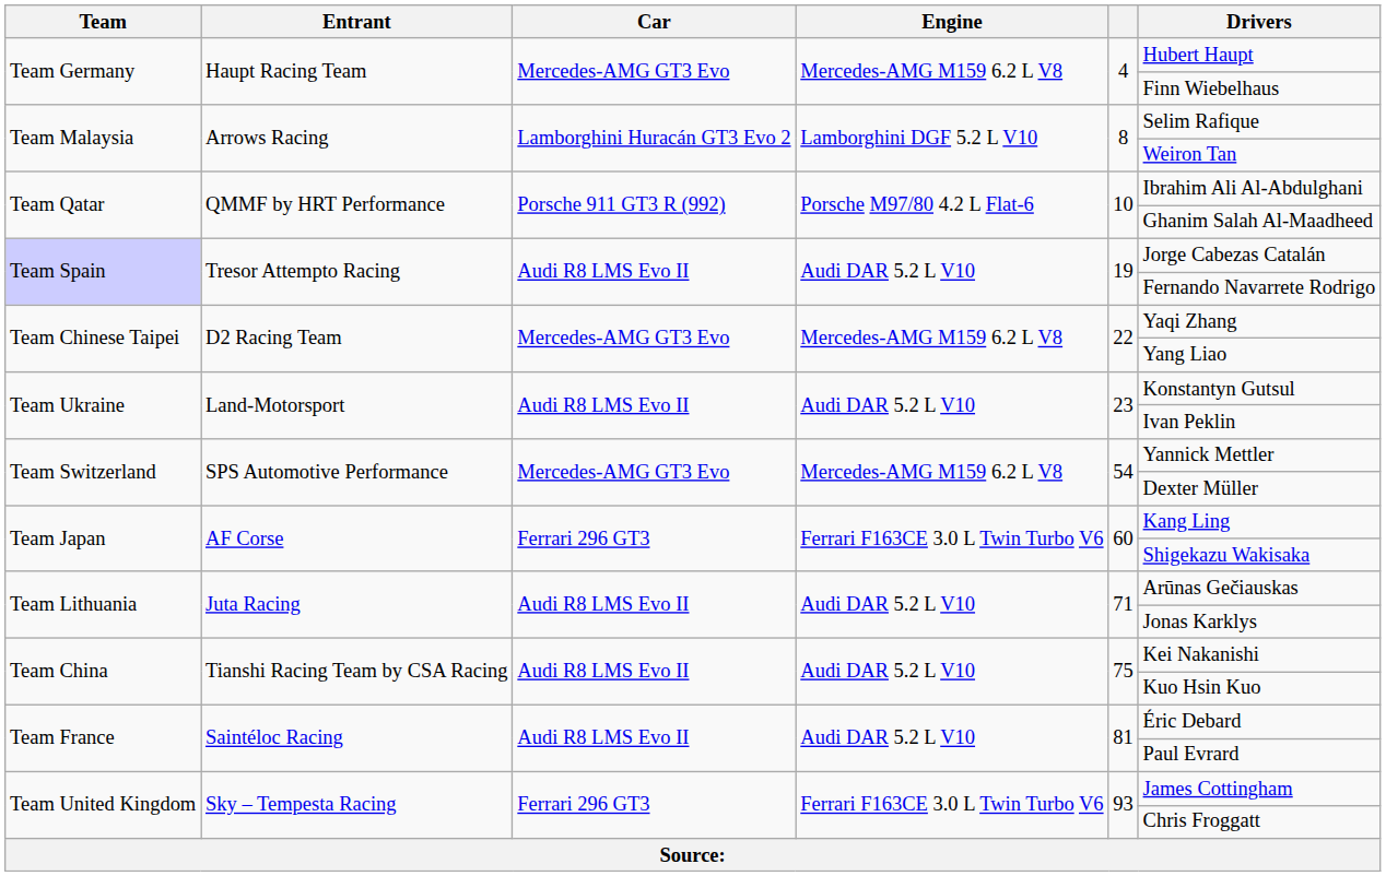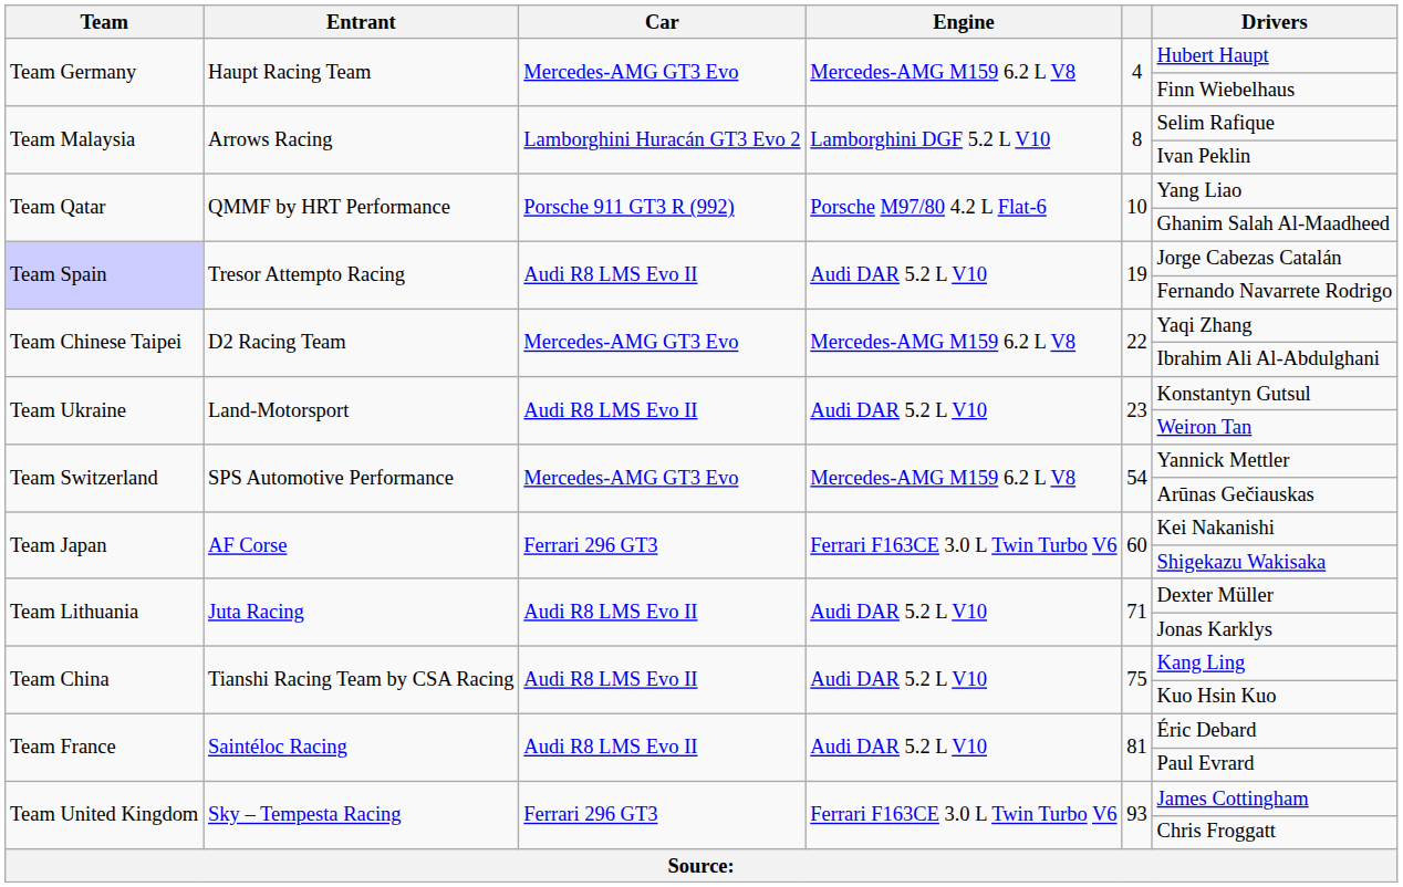 <table class="wikitable" style="font-size: 85%;">
 <tr>
 <th>Team</th>
 <th>Entrant</th>
 <th>Car</th>
 <th>Engine</th>
 <th></th>
 <th>Drivers</th>
 </tr>
 <tr>
 <td rowspan="2"> Team Germany</td>
 <td rowspan="2"> Haupt Racing Team</td>
 <td rowspan="2"><a href='#'>Mercedes-AMG GT3 Evo</a></td>
 <td rowspan="2"><a href='#'>Mercedes-AMG M159</a> 6.2 L <a href='#'>V8</a></td>
 <td rowspan="2" align="center">4</td>
 <td><a href='#'>Hubert Haupt</a></td>
 </tr>
 <tr>
 <td>Finn Wiebelhaus</td>
 </tr>
 <tr>
 <td rowspan="2"> Team Malaysia</td>
 <td rowspan="2"> Arrows Racing</td>
 <td rowspan="2"><a href='#'>Lamborghini Huracán GT3 Evo 2</a></td>
 <td rowspan="2"><a href='#'>Lamborghini DGF</a> 5.2 L <a href='#'>V10</a></td>
 <td rowspan="2" align="center">8</td>
 <td>Selim Rafique</td>
 </tr>
 <tr>
-<td><a href='#'>Weiron Tan</a></td>
+<td>Ivan Peklin</td>
 </tr>
 <tr>
 <td rowspan="2"> Team Qatar</td>
 <td rowspan="2"> QMMF by HRT Performance</td>
 <td rowspan="2"><a href='#'>Porsche 911 GT3 R (992)</a></td>
 <td rowspan="2"><a href='#'>Porsche</a> <a href='#'>M97/80</a> 4.2 L <a href='#'>Flat-6</a></td>
 <td rowspan="2" align="center">10</td>
-<td>Ibrahim Ali Al-Abdulghani</td>
+<td>Yang Liao</td>
 </tr>
 <tr>
 <td>Ghanim Salah Al-Maadheed</td>
 </tr>
 <tr>
 <td style="background:#ccccff" rowspan="2"> Team Spain</td>
 <td rowspan="2"> Tresor Attempto Racing</td>
 <td rowspan="2"><a href='#'>Audi R8 LMS Evo II</a></td>
 <td rowspan="2"><a href='#'>Audi DAR</a> 5.2 L <a href='#'>V10</a></td>
 <td rowspan="2" align="center">19</td>
 <td>Jorge Cabezas Catalán</td>
 </tr>
 <tr>
 <td>Fernando Navarrete Rodrigo</td>
 </tr>
 <tr>
 <td rowspan="2"> Team Chinese Taipei</td>
 <td rowspan="2"> D2 Racing Team</td>
 <td rowspan="2"><a href='#'>Mercedes-AMG GT3 Evo</a></td>
 <td rowspan="2"><a href='#'>Mercedes-AMG M159</a> 6.2 L <a href='#'>V8</a></td>
 <td rowspan="2" align="center">22</td>
 <td>Yaqi Zhang</td>
 </tr>
 <tr>
-<td>Yang Liao</td>
+<td>Ibrahim Ali Al-Abdulghani</td>
 </tr>
 <tr>
 <td rowspan="2"> Team Ukraine</td>
 <td rowspan="2"> Land-Motorsport</td>
 <td rowspan="2"><a href='#'>Audi R8 LMS Evo II</a></td>
 <td rowspan="2"><a href='#'>Audi DAR</a> 5.2 L <a href='#'>V10</a></td>
 <td rowspan="2" align="center">23</td>
 <td>Konstantyn Gutsul</td>
 </tr>
 <tr>
-<td>Ivan Peklin</td>
+<td><a href='#'>Weiron Tan</a></td>
 </tr>
 <tr>
 <td rowspan="2"> Team Switzerland</td>
 <td rowspan="2"> SPS Automotive Performance</td>
 <td rowspan="2"><a href='#'>Mercedes-AMG GT3 Evo</a></td>
 <td rowspan="2"><a href='#'>Mercedes-AMG M159</a> 6.2 L <a href='#'>V8</a></td>
 <td rowspan="2" align="center">54</td>
 <td>Yannick Mettler</td>
 </tr>
 <tr>
-<td>Dexter Müller</td>
+<td>Arūnas Gečiauskas</td>
 </tr>
 <tr>
 <td rowspan="2"> Team Japan</td>
 <td rowspan="2"> <a href='#'>AF Corse</a></td>
 <td rowspan="2"><a href='#'>Ferrari 296 GT3</a></td>
 <td rowspan="2"><a href='#'>Ferrari F163CE</a> 3.0 L <a href='#'>Twin Turbo</a> <a href='#'>V6</a></td>
 <td rowspan="2" align="center">60</td>
-<td><a href='#'>Kang Ling</a></td>
+<td>Kei Nakanishi</td>
 </tr>
 <tr>
 <td><a href='#'>Shigekazu Wakisaka</a></td>
 </tr>
 <tr>
 <td rowspan="2"> Team Lithuania</td>
 <td rowspan="2"> <a href='#'>Juta Racing</a></td>
 <td rowspan="2"><a href='#'>Audi R8 LMS Evo II</a></td>
 <td rowspan="2"><a href='#'>Audi DAR</a> 5.2 L <a href='#'>V10</a></td>
 <td rowspan="2" align="center">71</td>
-<td>Arūnas Gečiauskas</td>
+<td>Dexter Müller</td>
 </tr>
 <tr>
 <td>Jonas Karklys</td>
 </tr>
 <tr>
 <td rowspan="2"> Team China</td>
 <td rowspan="2"> Tianshi Racing Team by CSA Racing</td>
 <td rowspan="2"><a href='#'>Audi R8 LMS Evo II</a></td>
 <td rowspan="2"><a href='#'>Audi DAR</a> 5.2 L <a href='#'>V10</a></td>
 <td rowspan="2" align="center">75</td>
-<td>Kei Nakanishi</td>
+<td><a href='#'>Kang Ling</a></td>
 </tr>
 <tr>
 <td>Kuo Hsin Kuo</td>
 </tr>
 <tr>
 <td rowspan="2"> Team France</td>
 <td rowspan="2"> <a href='#'>Saintéloc Racing</a></td>
 <td rowspan="2"><a href='#'>Audi R8 LMS Evo II</a></td>
 <td rowspan="2"><a href='#'>Audi DAR</a> 5.2 L <a href='#'>V10</a></td>
 <td rowspan="2" align="center">81</td>
 <td>Éric Debard</td>
 </tr>
 <tr>
 <td>Paul Evrard</td>
 </tr>
 <tr>
 <td rowspan="2"> Team United Kingdom</td>
 <td rowspan="2"> <a href='#'>Sky – Tempesta Racing</a></td>
 <td rowspan="2"><a href='#'>Ferrari 296 GT3</a></td>
 <td rowspan="2"><a href='#'>Ferrari F163CE</a> 3.0 L <a href='#'>Twin Turbo</a> <a href='#'>V6</a></td>
 <td rowspan="2" align="center">93</td>
 <td><a href='#'>James Cottingham</a></td>
 </tr>
 <tr>
 <td>Chris Froggatt</td>
 </tr>
 <tr>
 <th colspan=6>Source: </th>
 </tr>
 </table>
